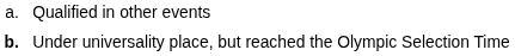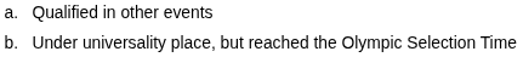 <table style="font-size: 95%; margin-left:13px; line-height:150%">
 <tr>
 <td align="right" valign="top">a.  </td>
 <td> Qualified in other events</td>
 </tr>
 <tr>
-<td align="right" valign="top"><strong>b.  </strong></td>
+<td align="right" valign="top">b.  </td>
 <td> Under universality place, but reached the Olympic Selection Time</td>
 </tr>
 </table>
